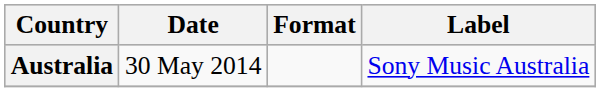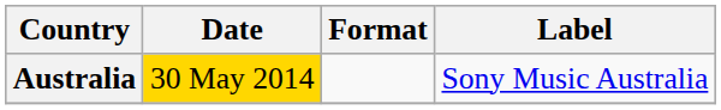 <table class="wikitable plainrowheaders">
 <tr>
 <th scope="col">Country</th>
 <th scope="col">Date</th>
 <th scope="col">Format</th>
 <th scope="col">Label</th>
 </tr>
 <tr>
 <th scope="row">Australia</th>
-<td>30 May 2014</td>
+<td style="background: gold;">30 May 2014</td>
 <td></td>
 <td><a href='#'>Sony Music Australia</a></td>
 </tr>
 <tr>
 </tr>
 </table>
